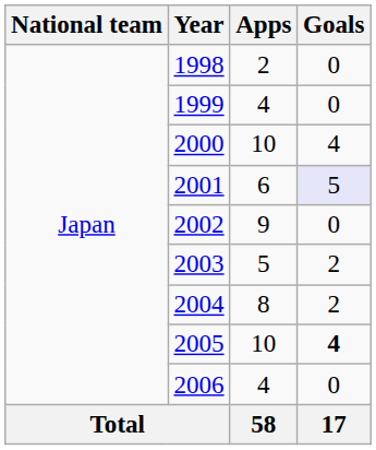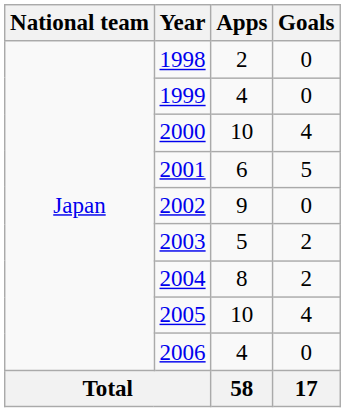 <table class="wikitable" style="text-align:center">
 <tr>
 <th>National team</th>
 <th>Year</th>
 <th>Apps</th>
 <th>Goals</th>
 </tr>
 <tr>
 <td rowspan="9"><a href='#'>Japan</a></td>
 <td><a href='#'>1998</a></td>
 <td>2</td>
 <td>0</td>
 </tr>
 <tr>
 <td><a href='#'>1999</a></td>
 <td>4</td>
 <td>0</td>
 </tr>
 <tr>
 <td><a href='#'>2000</a></td>
 <td>10</td>
 <td>4</td>
 </tr>
 <tr>
 <td><a href='#'>2001</a></td>
 <td>6</td>
-<td style="background: lavender;">5</td>
+<td>5</td>
 </tr>
 <tr>
 <td><a href='#'>2002</a></td>
 <td>9</td>
 <td>0</td>
 </tr>
 <tr>
 <td><a href='#'>2003</a></td>
 <td>5</td>
 <td>2</td>
 </tr>
 <tr>
 <td><a href='#'>2004</a></td>
 <td>8</td>
 <td>2</td>
 </tr>
 <tr>
 <td><a href='#'>2005</a></td>
 <td>10</td>
-<td><strong>4</strong></td>
+<td>4</td>
 </tr>
 <tr>
 <td><a href='#'>2006</a></td>
 <td>4</td>
 <td>0</td>
 </tr>
 <tr>
 <th colspan="2">Total</th>
 <th>58</th>
 <th>17</th>
 </tr>
 </table>
